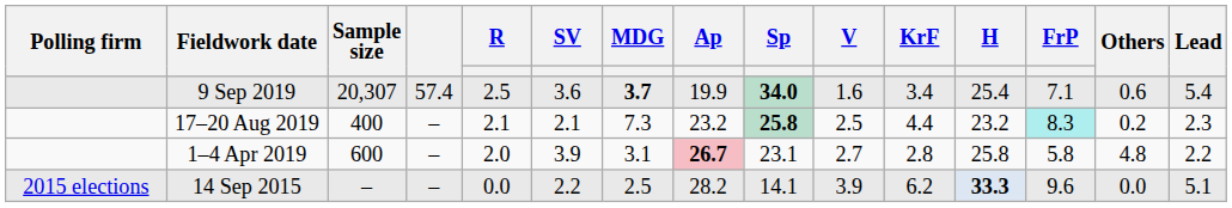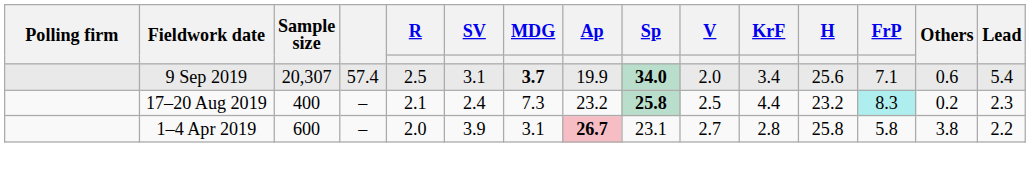 <table class="wikitable sortable" style="text-align:center;font-size:90%;line-height:14px;">
 <tr style="height:40px;">
 <th style="width:100px;" rowspan="2">Polling firm</th>
 <th style="width:100px;" rowspan="2">Fieldwork date</th>
 <th style="width:35px;" rowspan="2">Sample<br>size</th>
 <th style="width:30px;" rowspan="2"></th>
 <th class="unsortable" style="width:40px;"><a href='#'>R</a></th>
 <th class="unsortable" style="width:40px;"><a href='#'>SV</a></th>
 <th class="unsortable" style="width:40px;"><a href='#'>MDG</a></th>
 <th class="unsortable" style="width:40px;"><a href='#'>Ap</a></th>
 <th class="unsortable" style="width:40px;"><a href='#'>Sp</a></th>
 <th class="unsortable" style="width:40px;"><a href='#'>V</a></th>
 <th class="unsortable" style="width:40px;"><a href='#'>KrF</a></th>
 <th class="unsortable" style="width:40px;"><a href='#'>H</a></th>
 <th class="unsortable" style="width:40px;"><a href='#'>FrP</a></th>
 <th class="unsortable" style="width:30px;" rowspan="2">Others</th>
 <th style="width:30px;" rowspan="2">Lead</th>
 </tr>
 <tr>
 <th style="background:"></th>
 <th style="background:"></th>
 <th style="background:"></th>
 <th style="background:"></th>
 <th style="background:"></th>
 <th style="background:"></th>
 <th style="background:"></th>
 <th style="background:"></th>
 <th style="background:"></th>
 </tr>
 <tr style="background:#E9E9E9;">
 <td></td>
 <td data-sort-value="2019-09-09">9 Sep 2019</td>
 <td>20,307</td>
 <td>57.4</td>
 <td>2.5</td>
-<td>3.6</td>
+<td>3.1</td>
 <td><strong>3.7</strong></td>
 <td>19.9</td>
 <td style="background:#BADECC;"><strong>34.0</strong></td>
-<td>1.6</td>
+<td>2.0</td>
 <td>3.4</td>
-<td>25.4</td>
+<td>25.6</td>
 <td>7.1</td>
 <td>0.6</td>
 <td style="background:">5.4</td>
 </tr>
 <tr>
 <td></td>
 <td data-sort-value="2019-08-28">17–20 Aug 2019</td>
 <td>400</td>
 <td>–</td>
 <td>2.1</td>
-<td>2.1</td>
+<td>2.4</td>
 <td>7.3</td>
 <td>23.2</td>
 <td style="background:#BADECC;"><strong>25.8</strong></td>
 <td>2.5</td>
 <td>4.4</td>
 <td>23.2</td>
 <td style="background: paleturquoise;">8.3</td>
 <td>0.2</td>
 <td style="background:">2.3</td>
 </tr>
 <tr>
 <td></td>
 <td data-sort-value="2019-04-04">1–4 Apr 2019</td>
 <td>600</td>
 <td>–</td>
 <td>2.0</td>
 <td>3.9</td>
 <td>3.1</td>
 <td style="background:#F7BDC5;"><strong>26.7</strong></td>
 <td>23.1</td>
 <td>2.7</td>
 <td>2.8</td>
 <td>25.8</td>
 <td>5.8</td>
-<td>4.8</td>
+<td>3.8</td>
 <td style="background:">2.2</td>
 </tr>
-<tr style="background:#E9E9E9;">
-<td><a href='#'>2015 elections</a></td>
-<td data-sort-value="2015-09-14">14 Sep 2015</td>
-<td>–</td>
-<td>–</td>
-<td>0.0</td>
-<td>2.2</td>
-<td>2.5</td>
-<td>28.2</td>
-<td>14.1</td>
-<td>3.9</td>
-<td>6.2</td>
-<td style="background:#DCE7F3;"><strong>33.3</strong></td>
-<td>9.6</td>
-<td>0.0</td>
-<td style="background:">5.1</td>
-</tr>
 </table>
